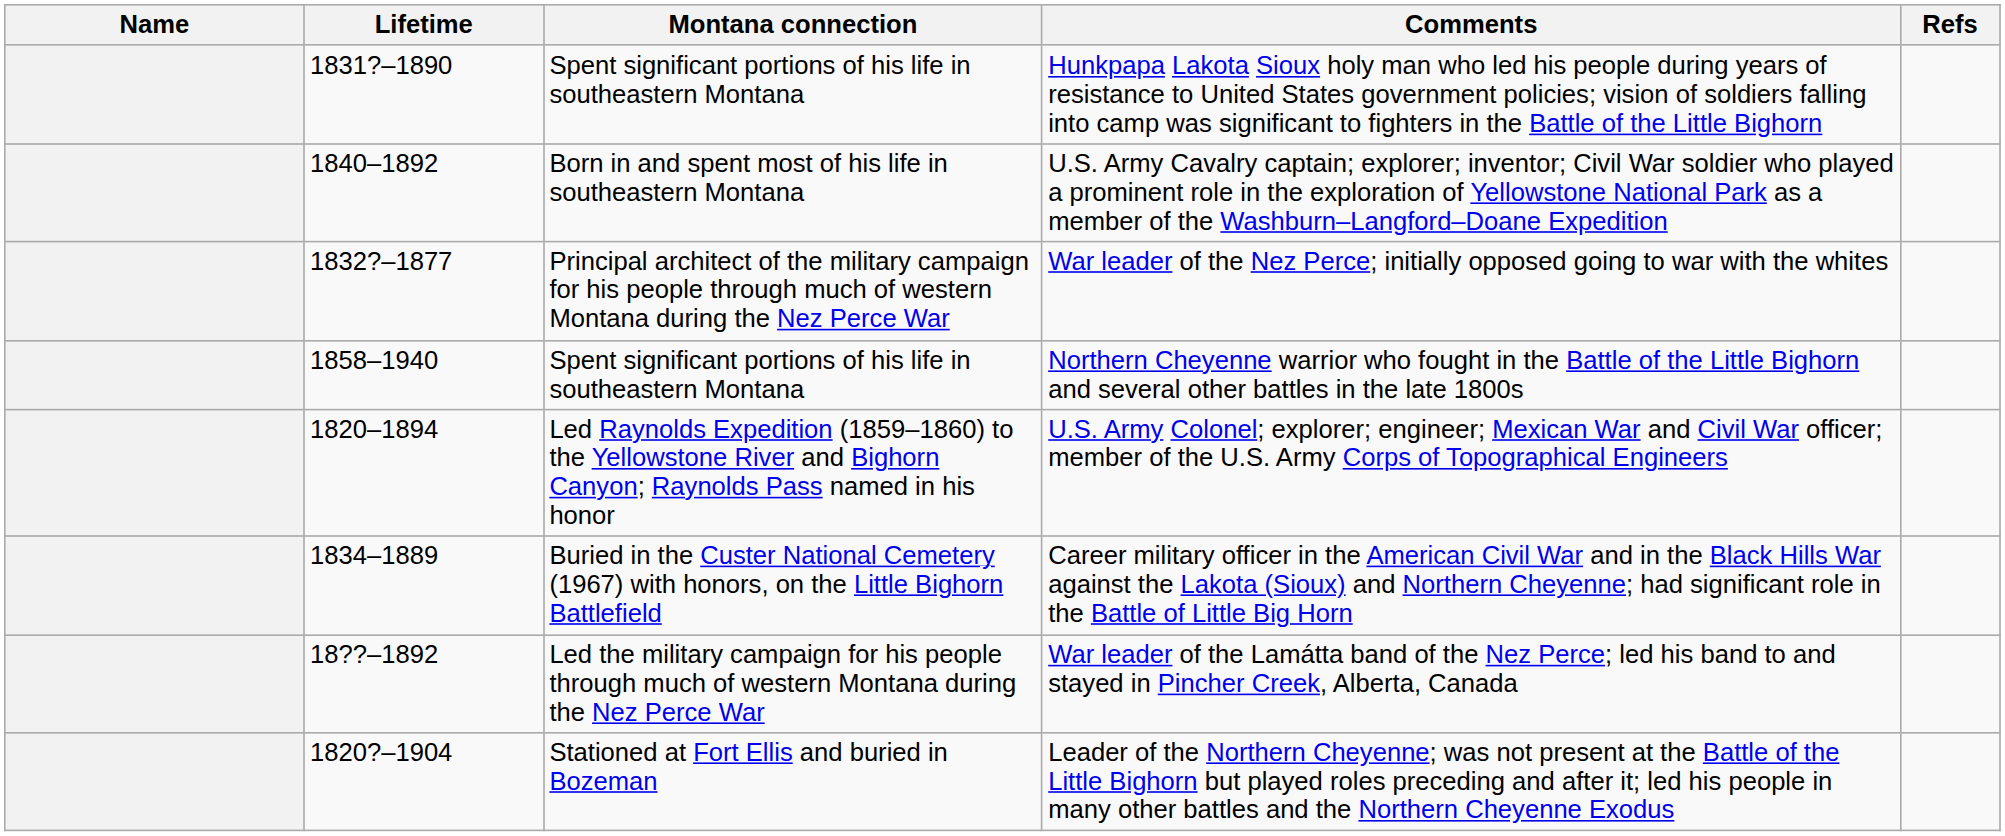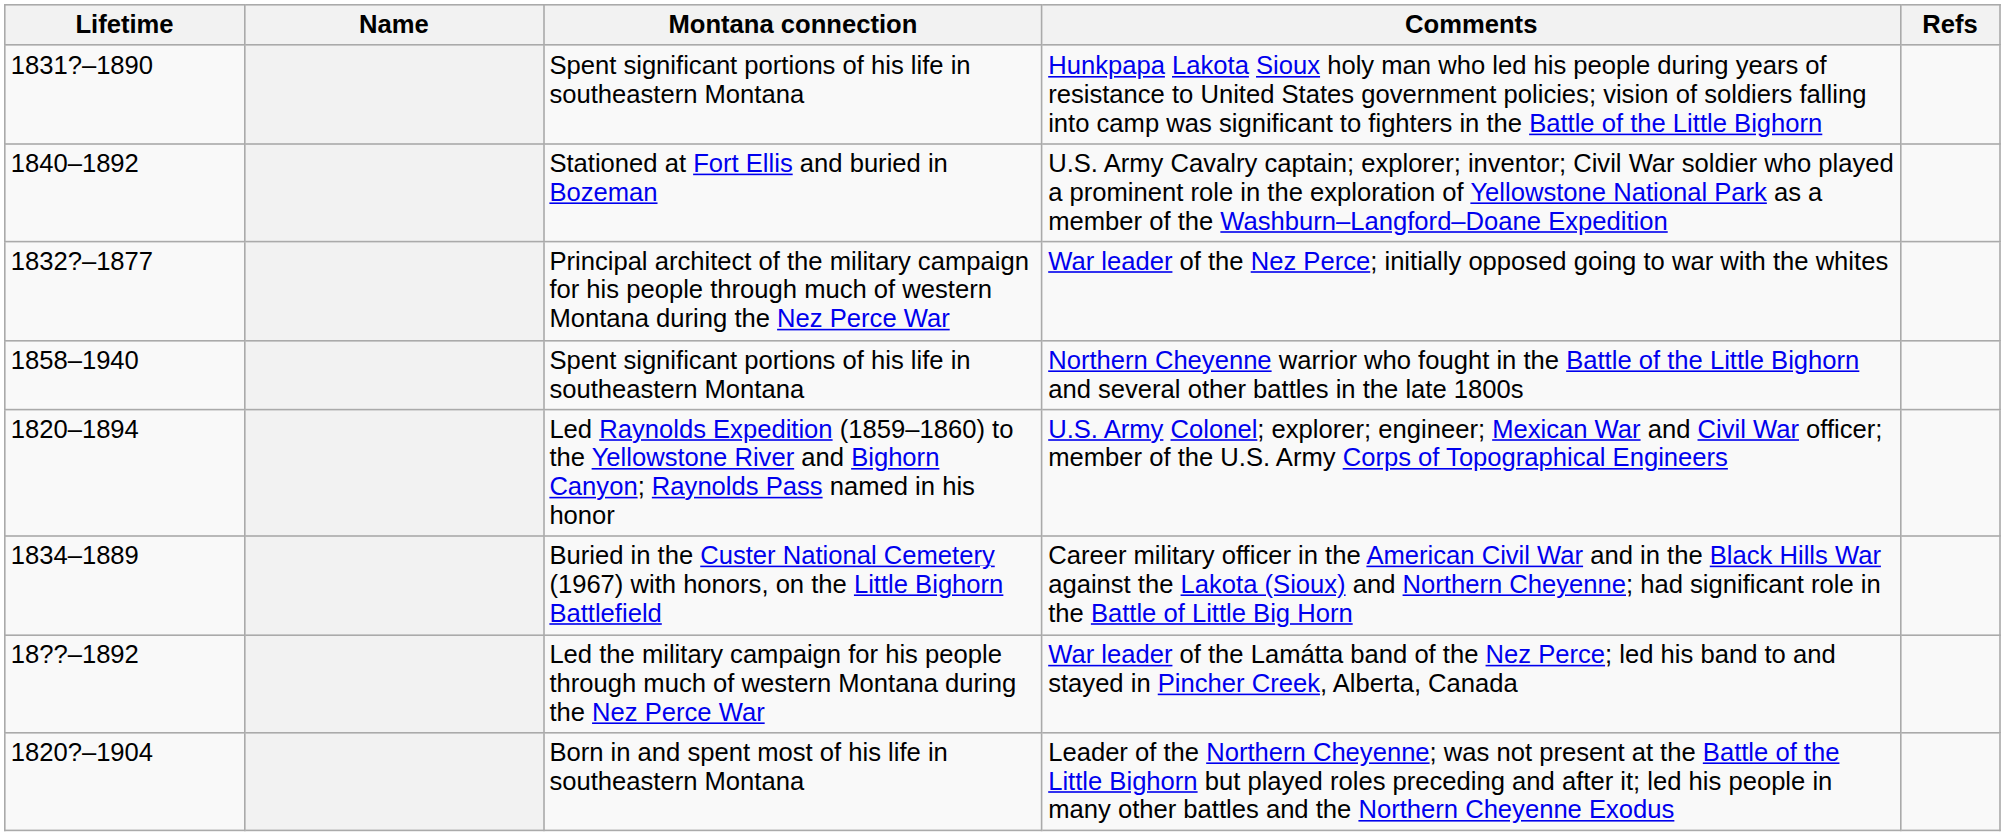 <table class="sortable wikitable plainrowheaders">
 <tr>
+<th style="width:12%;" scope="col">Lifetime</th>
 <th style="width:15%;" scope="col">Name</th>
-<th style="width:12%;" scope="col">Lifetime</th>
 <th class="unsortable" style="width:25%;" scope="col">Montana connection</th>
 <th class="unsortable" style="width:43%;" scope="col">Comments</th>
 <th class="unsortable" style="width:5%;" scope="col">Refs</th>
 </tr>
 <tr valign="top">
+<td>1831?–1890</td>
 <th scope="row"></th>
-<td>1831?–1890</td>
 <td>Spent significant portions of his life in southeastern Montana</td>
 <td><a href='#'>Hunkpapa</a> <a href='#'>Lakota</a> <a href='#'>Sioux</a> holy man who led his people during years of resistance to United States government policies; vision of soldiers falling into camp was significant to fighters in the <a href='#'>Battle of the Little Bighorn</a></td>
 <td style="text-align:center;"></td>
 </tr>
 <tr valign="top">
+<td>1840–1892</td>
 <th scope="row"></th>
-<td>1840–1892</td>
-<td>Born in and spent most of his life in southeastern Montana</td>
+<td>Stationed at <a href='#'>Fort Ellis</a> and buried in <a href='#'>Bozeman</a></td>
 <td>U.S. Army Cavalry captain; explorer; inventor; Civil War soldier who played a prominent role in the exploration of <a href='#'>Yellowstone National Park</a> as a member of the <a href='#'>Washburn–Langford–Doane Expedition</a></td>
 <td style="text-align:center;"></td>
 </tr>
 <tr valign="top">
+<td>1832?–1877</td>
 <th scope="row"></th>
-<td>1832?–1877</td>
 <td>Principal architect of the military campaign for his people through much of western Montana during the <a href='#'>Nez Perce War</a></td>
 <td><a href='#'>War leader</a> of the <a href='#'>Nez Perce</a>; initially opposed going to war with the whites</td>
 <td style="text-align:center;"></td>
 </tr>
 <tr valign="top">
+<td>1858–1940</td>
 <th scope="row"></th>
-<td>1858–1940</td>
 <td>Spent significant portions of his life in southeastern Montana</td>
 <td><a href='#'>Northern Cheyenne</a> warrior who fought in the <a href='#'>Battle of the Little Bighorn</a> and several other battles in the late 1800s</td>
 <td style="text-align:center;"></td>
 </tr>
 <tr valign="top">
+<td>1820–1894</td>
 <th scope="row"></th>
-<td>1820–1894</td>
 <td>Led <a href='#'>Raynolds Expedition</a> (1859–1860) to the <a href='#'>Yellowstone River</a> and <a href='#'>Bighorn Canyon</a>; <a href='#'>Raynolds Pass</a> named in his honor</td>
 <td><a href='#'>U.S. Army</a> <a href='#'>Colonel</a>; explorer; engineer; <a href='#'>Mexican War</a> and <a href='#'>Civil War</a> officer; member of the U.S. Army <a href='#'>Corps of Topographical Engineers</a></td>
 <td style="text-align:center;"></td>
 </tr>
 <tr valign="top">
+<td>1834–1889</td>
 <th scope="row"></th>
-<td>1834–1889</td>
 <td>Buried in the <a href='#'>Custer National Cemetery</a> (1967) with honors, on the <a href='#'>Little Bighorn Battlefield</a></td>
 <td>Career military officer in the <a href='#'>American Civil War</a> and in the <a href='#'>Black Hills War</a> against the <a href='#'>Lakota (Sioux)</a> and <a href='#'>Northern Cheyenne</a>; had significant role in the <a href='#'>Battle of Little Big Horn</a></td>
 <td style="text-align:center;"></td>
 </tr>
 <tr valign="top">
+<td>18??–1892</td>
 <th scope="row"></th>
-<td>18??–1892</td>
 <td>Led the military campaign for his people through much of western Montana during the <a href='#'>Nez Perce War</a></td>
 <td><a href='#'>War leader</a> of the Lamátta band of the <a href='#'>Nez Perce</a>; led his band to and stayed in <a href='#'>Pincher Creek</a>, Alberta, Canada</td>
 <td style="text-align:center;"></td>
 </tr>
 <tr valign="top">
+<td>1820?–1904</td>
 <th scope="row"></th>
-<td>1820?–1904</td>
-<td>Stationed at <a href='#'>Fort Ellis</a> and buried in <a href='#'>Bozeman</a></td>
+<td>Born in and spent most of his life in southeastern Montana</td>
 <td>Leader of the <a href='#'>Northern Cheyenne</a>; was not present at the <a href='#'>Battle of the Little Bighorn</a> but played roles preceding and after it; led his people in many other battles and the <a href='#'>Northern Cheyenne Exodus</a></td>
 <td style="text-align:center;"></td>
 </tr>
 </table>
